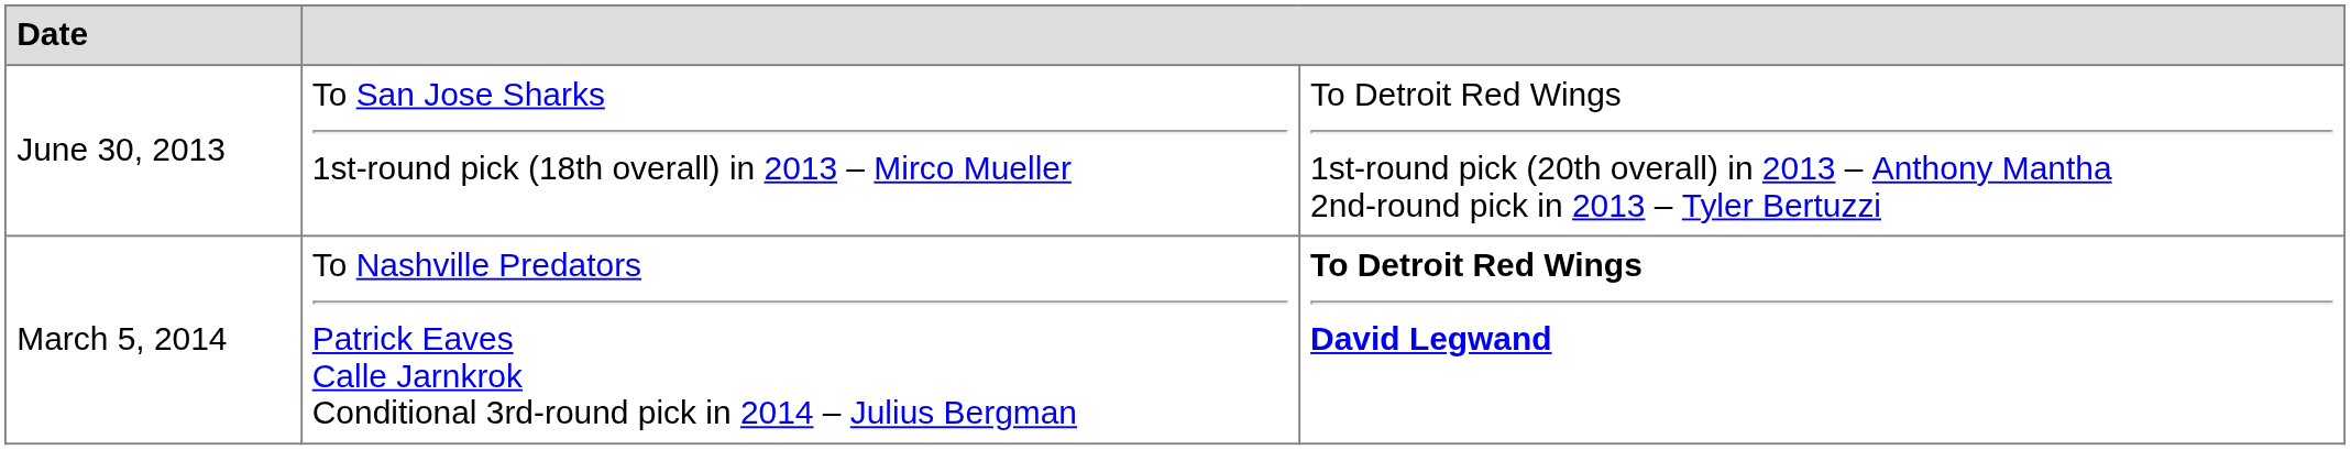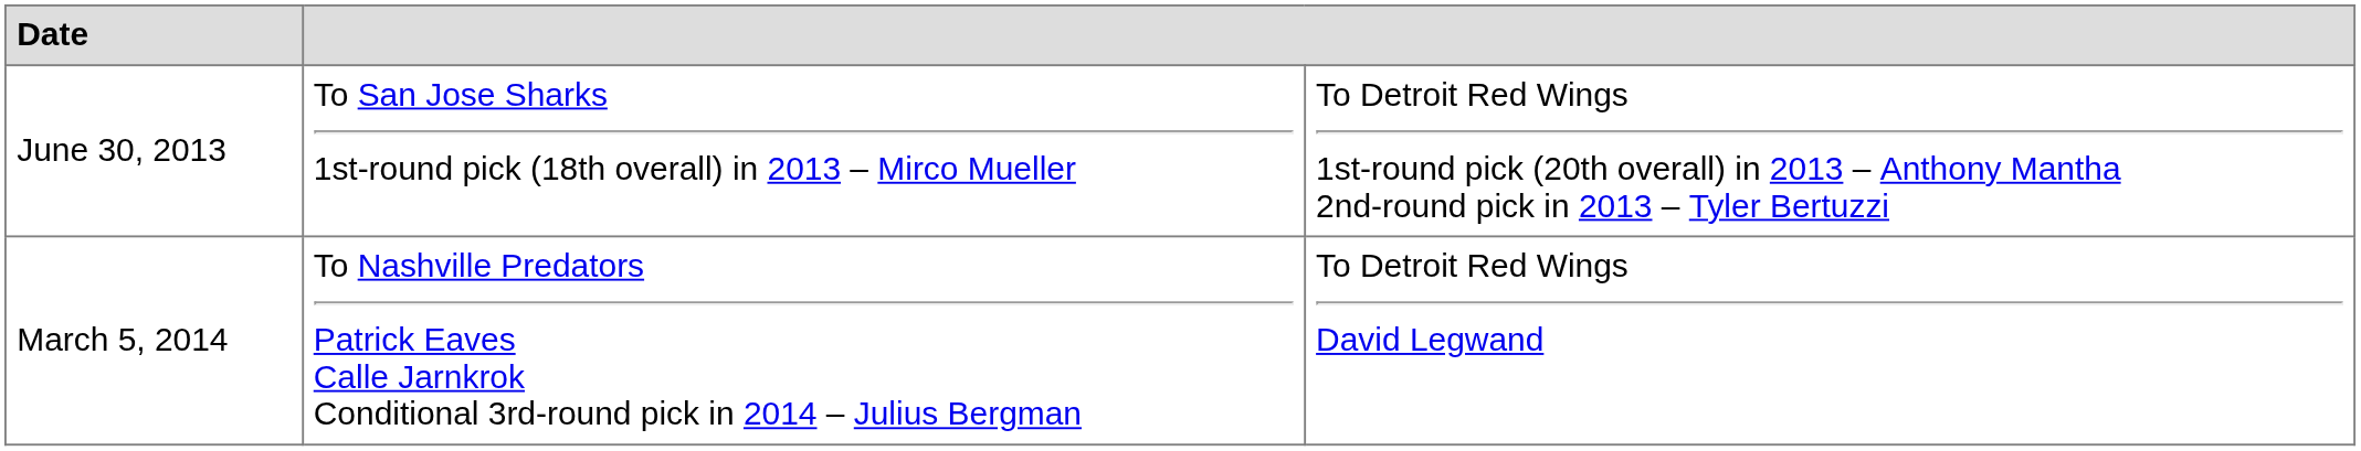 <table border="1"  cellpadding="5" style="border-collapse:collapse; width:90%;">
 <tr style="background:#ddd;">
 <td><strong>Date</strong></td>
 <th colspan="2"></th>
 </tr>
 <tr>
 <td>June 30, 2013</td>
 <td valign="top">To <a href='#'>San Jose Sharks</a> <hr>1st-round pick (18th overall) in <a href='#'>2013</a> – <a href='#'>Mirco Mueller</a></td>
 <td valign="top">To Detroit Red Wings <hr>1st-round pick (20th overall) in <a href='#'>2013</a> – <a href='#'>Anthony Mantha</a><br>2nd-round pick in <a href='#'>2013</a> – <a href='#'>Tyler Bertuzzi</a></td>
 </tr>
 <tr>
 <td>March 5, 2014</td>
 <td valign="top">To <a href='#'>Nashville Predators</a> <hr><a href='#'>Patrick Eaves</a><br><a href='#'>Calle Jarnkrok</a><br>Conditional 3rd-round pick in <a href='#'>2014</a> – <a href='#'>Julius Bergman</a></td>
-<td valign="top"><strong>To Detroit Red Wings <hr><a href='#'>David Legwand</a></strong></td>
+<td valign="top">To Detroit Red Wings <hr><a href='#'>David Legwand</a></td>
 </tr>
 </table>
